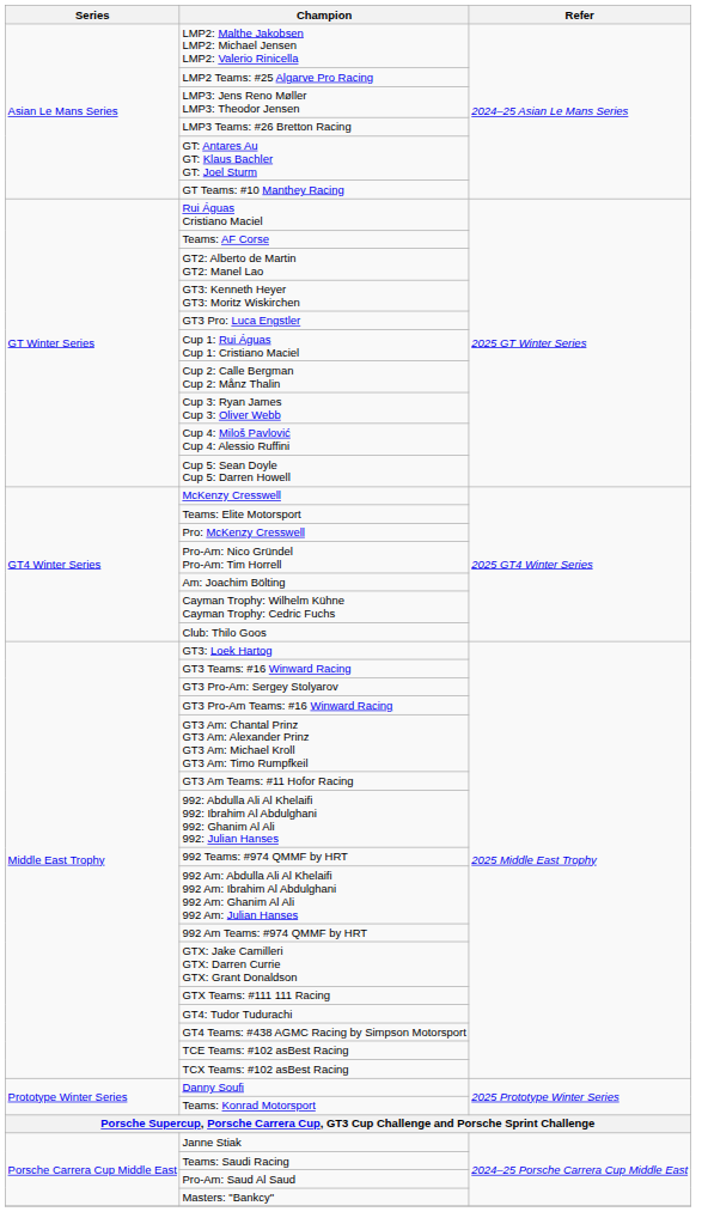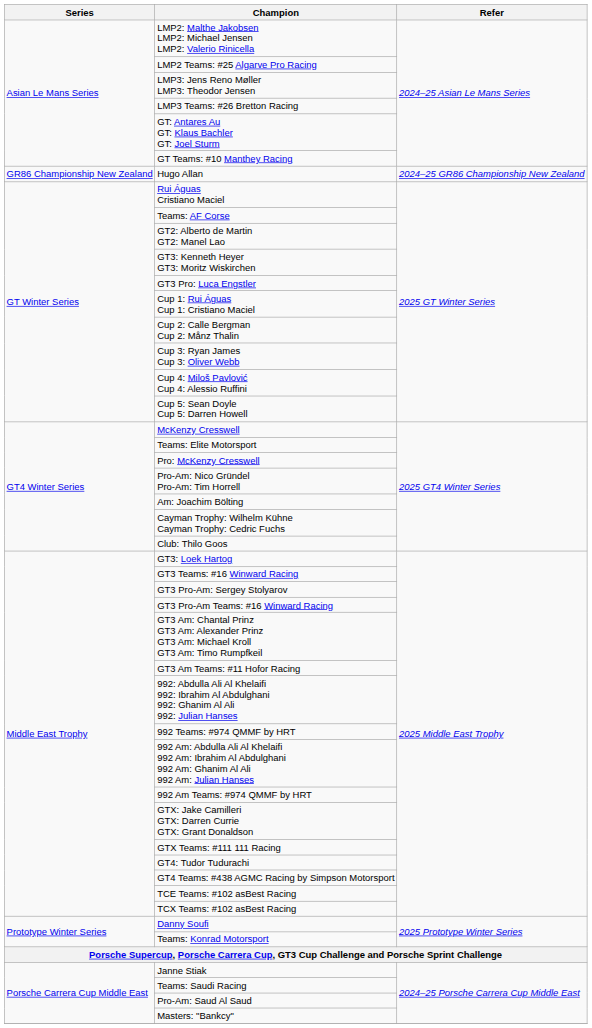 <table class="wikitable" style="font-size:87%;">
 <tr>
 <th>Series</th>
 <th>Champion</th>
 <th>Refer</th>
 </tr>
 <tr>
 <td rowspan=6><a href='#'>Asian Le Mans Series</a></td>
 <td>LMP2:  <a href='#'>Malthe Jakobsen</a><br>LMP2:  Michael Jensen<br>LMP2:  <a href='#'>Valerio Rinicella</a></td>
 <td rowspan=6><em><a href='#'>2024–25 Asian Le Mans Series</a></em></td>
 </tr>
 <tr>
 <td>LMP2 Teams:  #25 <a href='#'>Algarve Pro Racing</a></td>
 </tr>
 <tr>
 <td>LMP3:  Jens Reno Møller<br>LMP3:  Theodor Jensen</td>
 </tr>
 <tr>
 <td>LMP3 Teams:  #26 Bretton Racing</td>
 </tr>
 <tr>
 <td>GT:  <a href='#'>Antares Au</a><br>GT:  <a href='#'>Klaus Bachler</a><br>GT:  <a href='#'>Joel Sturm</a></td>
 </tr>
 <tr>
 <td>GT Teams:  #10 <a href='#'>Manthey Racing</a></td>
+</tr>
+<tr>
+<td><a href='#'>GR86 Championship New Zealand</a></td>
+<td> Hugo Allan</td>
+<td><em><a href='#'>2024–25 GR86 Championship New Zealand</a></em></td>
 </tr>
 <tr>
 <td rowspan=10><a href='#'>GT Winter Series</a></td>
 <td> <a href='#'>Rui Águas</a><br> Cristiano Maciel</td>
 <td rowspan=10><em><a href='#'>2025 GT Winter Series</a></em></td>
 </tr>
 <tr>
 <td>Teams:  <a href='#'>AF Corse</a></td>
 </tr>
 <tr>
 <td>GT2:  Alberto de Martin<br>GT2:  Manel Lao</td>
 </tr>
 <tr>
 <td>GT3:  Kenneth Heyer<br>GT3:  Moritz Wiskirchen</td>
 </tr>
 <tr>
 <td>GT3 Pro:  <a href='#'>Luca Engstler</a></td>
 </tr>
 <tr>
 <td>Cup 1:  <a href='#'>Rui Águas</a><br>Cup 1:  Cristiano Maciel</td>
 </tr>
 <tr>
 <td>Cup 2:  Calle Bergman<br>Cup 2:  Månz Thalin</td>
 </tr>
 <tr>
 <td>Cup 3:  Ryan James<br>Cup 3:  <a href='#'>Oliver Webb</a></td>
 </tr>
 <tr>
 <td>Cup 4:  <a href='#'>Miloš Pavlović</a><br>Cup 4:  Alessio Ruffini</td>
 </tr>
 <tr>
 <td>Cup 5:  Sean Doyle<br>Cup 5:  Darren Howell</td>
 </tr>
 <tr>
 <td rowspan=7><a href='#'>GT4 Winter Series</a></td>
 <td> <a href='#'>McKenzy Cresswell</a></td>
 <td rowspan=7><em><a href='#'>2025 GT4 Winter Series</a></em></td>
 </tr>
 <tr>
 <td>Teams:  Elite Motorsport</td>
 </tr>
 <tr>
 <td>Pro:  <a href='#'>McKenzy Cresswell</a></td>
 </tr>
 <tr>
 <td>Pro-Am:  Nico Gründel<br>Pro-Am:  Tim Horrell</td>
 </tr>
 <tr>
 <td>Am:  Joachim Bölting</td>
 </tr>
 <tr>
 <td>Cayman Trophy:  Wilhelm Kühne<br>Cayman Trophy:  Cedric Fuchs</td>
 </tr>
 <tr>
 <td>Club:  Thilo Goos</td>
 </tr>
 <tr>
 <td rowspan=16><a href='#'>Middle East Trophy</a></td>
 <td>GT3:  <a href='#'>Loek Hartog</a></td>
 <td rowspan=16><em><a href='#'>2025 Middle East Trophy</a></em></td>
 </tr>
 <tr>
 <td>GT3 Teams:  #16 <a href='#'>Winward Racing</a></td>
 </tr>
 <tr>
 <td>GT3 Pro-Am:  Sergey Stolyarov</td>
 </tr>
 <tr>
 <td>GT3 Pro-Am Teams:  #16 <a href='#'>Winward Racing</a></td>
 </tr>
 <tr>
 <td>GT3 Am:  Chantal Prinz<br>GT3 Am:  Alexander Prinz<br>GT3 Am:  Michael Kroll<br>GT3 Am:  Timo Rumpfkeil</td>
 </tr>
 <tr>
 <td>GT3 Am Teams:  #11 Hofor Racing</td>
 </tr>
 <tr>
 <td>992:  Abdulla Ali Al Khelaifi<br>992:  Ibrahim Al Abdulghani<br>992:  Ghanim Al Ali<br>992:  <a href='#'>Julian Hanses</a></td>
 </tr>
 <tr>
 <td>992 Teams:  #974 QMMF by HRT</td>
 </tr>
 <tr>
 <td>992 Am:  Abdulla Ali Al Khelaifi<br>992 Am:  Ibrahim Al Abdulghani<br>992 Am:  Ghanim Al Ali<br>992 Am:  <a href='#'>Julian Hanses</a></td>
 </tr>
 <tr>
 <td>992 Am Teams:  #974 QMMF by HRT</td>
 </tr>
 <tr>
 <td>GTX:  Jake Camilleri<br>GTX:  Darren Currie<br>GTX:  Grant Donaldson</td>
 </tr>
 <tr>
 <td>GTX Teams:  #111 111 Racing</td>
 </tr>
 <tr>
 <td>GT4:  Tudor Tudurachi</td>
 </tr>
 <tr>
 <td>GT4 Teams:  #438 AGMC Racing by Simpson Motorsport</td>
 </tr>
 <tr>
 <td>TCE Teams:  #102 asBest Racing</td>
 </tr>
 <tr>
 <td>TCX Teams:  #102 asBest Racing</td>
 </tr>
 <tr>
 <td rowspan=2><a href='#'>Prototype Winter Series</a></td>
 <td> <a href='#'>Danny Soufi</a></td>
 <td rowspan=2><em><a href='#'>2025 Prototype Winter Series</a></em></td>
 </tr>
 <tr>
 <td>Teams:  <a href='#'>Konrad Motorsport</a></td>
 </tr>
 <tr>
 <th colspan="3"><a href='#'>Porsche Supercup</a>, <a href='#'>Porsche Carrera Cup</a>, GT3 Cup Challenge and Porsche Sprint Challenge</th>
 </tr>
 <tr>
 <td rowspan=4><a href='#'>Porsche Carrera Cup Middle East</a></td>
 <td> Janne Stiak</td>
 <td rowspan=4><em><a href='#'>2024–25 Porsche Carrera Cup Middle East</a></em></td>
 </tr>
 <tr>
 <td>Teams:  Saudi Racing</td>
 </tr>
 <tr>
 <td>Pro-Am:  Saud Al Saud</td>
 </tr>
 <tr>
 <td>Masters:  "Bankcy"</td>
 </tr>
 <tr>
 </tr>
 </table>
